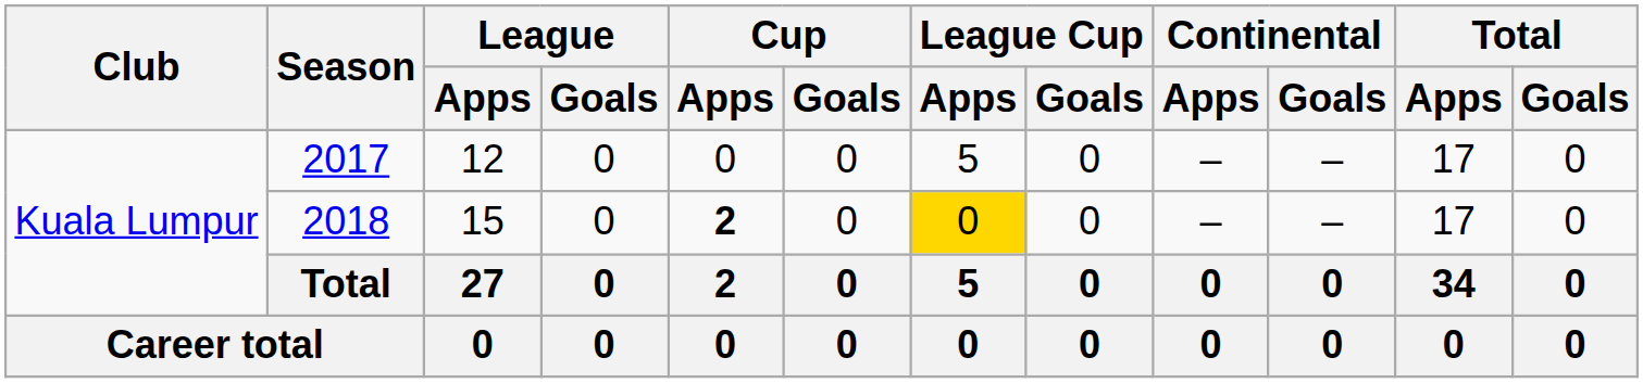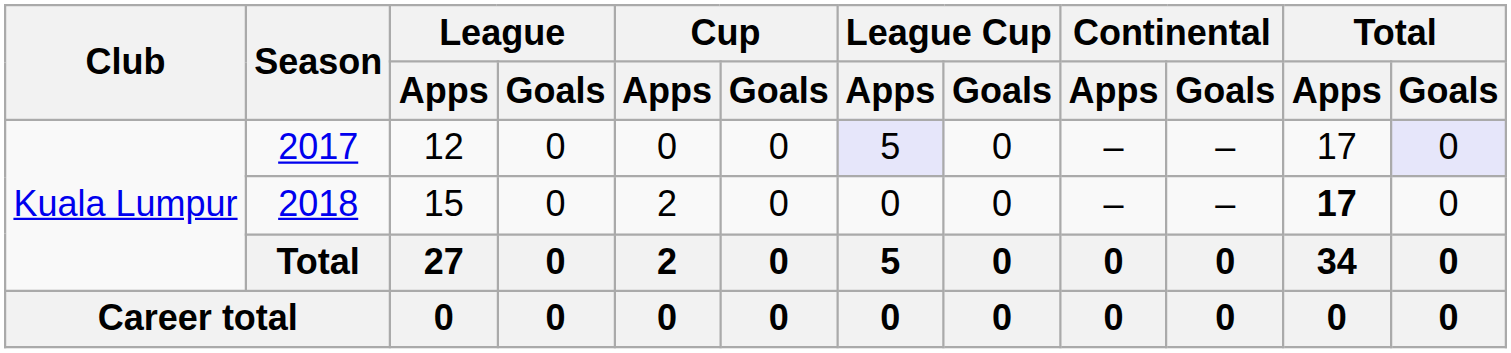 <table class="wikitable" style="text-align: center;">
 <tr>
 <th rowspan="2">Club</th>
 <th rowspan="2">Season</th>
 <th colspan="2">League</th>
 <th colspan="2">Cup</th>
 <th colspan="2">League Cup</th>
 <th colspan="2">Continental</th>
 <th colspan="2">Total</th>
 </tr>
 <tr>
 <th>Apps</th>
 <th>Goals</th>
 <th>Apps</th>
 <th>Goals</th>
 <th>Apps</th>
 <th>Goals</th>
 <th>Apps</th>
 <th>Goals</th>
 <th>Apps</th>
 <th>Goals</th>
 </tr>
 <tr>
 <td rowspan="3" valign="center"><a href='#'>Kuala Lumpur</a></td>
 <td><a href='#'>2017</a></td>
 <td>12</td>
 <td>0</td>
 <td>0</td>
 <td>0</td>
-<td>5</td>
+<td style="background: lavender;">5</td>
 <td>0</td>
 <td>–</td>
 <td>–</td>
 <td>17</td>
-<td>0</td>
+<td style="background: lavender;">0</td>
 </tr>
 <tr>
 <td><a href='#'>2018</a></td>
 <td>15</td>
 <td>0</td>
-<td><strong>2</strong></td>
+<td>2</td>
 <td>0</td>
-<td style="background: gold;">0</td>
+<td>0</td>
 <td>0</td>
 <td>–</td>
 <td>–</td>
-<td>17</td>
+<td><strong>17</strong></td>
 <td>0</td>
 </tr>
 <tr>
 <th>Total</th>
 <th>27</th>
 <th>0</th>
 <th>2</th>
 <th>0</th>
 <th>5</th>
 <th>0</th>
 <th>0</th>
 <th>0</th>
 <th>34</th>
 <th>0</th>
 </tr>
 <tr>
 <th colspan=2>Career total</th>
 <th>0</th>
 <th>0</th>
 <th>0</th>
 <th>0</th>
 <th>0</th>
 <th>0</th>
 <th>0</th>
 <th>0</th>
 <th>0</th>
 <th>0</th>
 </tr>
 </table>
